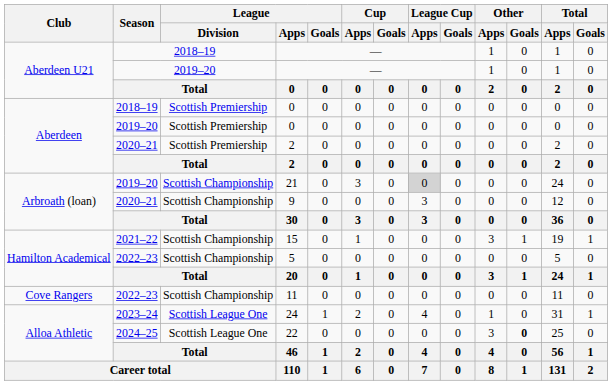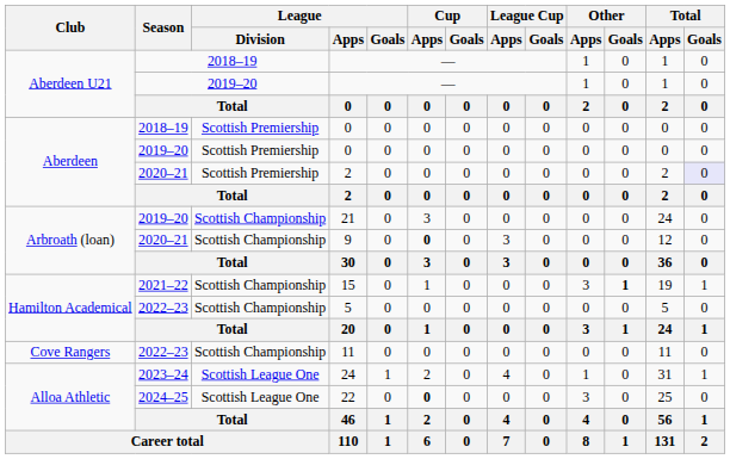 <table class="wikitable" style="text-align:center">
 <tr>
 <th rowspan="2">Club</th>
 <th rowspan="2">Season</th>
 <th colspan="3">League</th>
 <th colspan="2">Cup</th>
 <th colspan="2">League Cup</th>
 <th colspan="2">Other</th>
 <th colspan="2">Total</th>
 </tr>
 <tr>
 <th>Division</th>
 <th>Apps</th>
 <th>Goals</th>
 <th>Apps</th>
 <th>Goals</th>
 <th>Apps</th>
 <th>Goals</th>
 <th>Apps</th>
 <th>Goals</th>
 <th>Apps</th>
 <th>Goals</th>
 </tr>
 <tr>
 <td rowspan="3"><a href='#'>Aberdeen U21</a></td>
 <td colspan=2><a href='#'>2018–19</a></td>
 <td colspan=6>—</td>
 <td>1</td>
 <td>0</td>
 <td>1</td>
 <td>0</td>
 </tr>
 <tr>
 <td colspan=2><a href='#'>2019–20</a></td>
 <td colspan=6>—</td>
 <td>1</td>
 <td>0</td>
 <td>1</td>
 <td>0</td>
 </tr>
 <tr>
 <th colspan=2>Total</th>
 <th>0</th>
 <th>0</th>
 <th>0</th>
 <th>0</th>
 <th>0</th>
 <th>0</th>
 <th>2</th>
 <th>0</th>
 <th>2</th>
 <th>0</th>
 </tr>
 <tr>
 <td rowspan=4><a href='#'>Aberdeen</a></td>
 <td><a href='#'>2018–19</a></td>
 <td><a href='#'>Scottish Premiership</a></td>
 <td>0</td>
 <td>0</td>
 <td>0</td>
 <td>0</td>
 <td>0</td>
 <td>0</td>
 <td>0</td>
 <td>0</td>
 <td>0</td>
 <td>0</td>
 </tr>
 <tr>
 <td><a href='#'>2019–20</a></td>
 <td>Scottish Premiership</td>
 <td>0</td>
 <td>0</td>
 <td>0</td>
 <td>0</td>
 <td>0</td>
 <td>0</td>
 <td>0</td>
 <td>0</td>
 <td>0</td>
 <td>0</td>
 </tr>
 <tr>
 <td><a href='#'>2020–21</a></td>
 <td>Scottish Premiership</td>
 <td>2</td>
 <td>0</td>
 <td>0</td>
 <td>0</td>
 <td>0</td>
 <td>0</td>
 <td>0</td>
 <td>0</td>
 <td>2</td>
-<td>0</td>
+<td style="background: lavender;">0</td>
 </tr>
 <tr>
 <th colspan=2>Total</th>
 <th>2</th>
 <th>0</th>
 <th>0</th>
 <th>0</th>
 <th>0</th>
 <th>0</th>
 <th>0</th>
 <th>0</th>
 <th>2</th>
 <th>0</th>
 </tr>
 <tr>
 <td rowspan="3"><a href='#'>Arbroath</a> (loan)</td>
 <td><a href='#'>2019–20</a></td>
 <td><a href='#'>Scottish Championship</a></td>
 <td>21</td>
 <td>0</td>
 <td>3</td>
 <td>0</td>
-<td style="background: lightgrey;">0</td>
+<td>0</td>
 <td>0</td>
 <td>0</td>
 <td>0</td>
 <td>24</td>
 <td>0</td>
 </tr>
 <tr>
 <td><a href='#'>2020–21</a></td>
 <td>Scottish Championship</td>
 <td>9</td>
 <td>0</td>
-<td>0</td>
+<td><strong>0</strong></td>
 <td>0</td>
 <td>3</td>
 <td>0</td>
 <td>0</td>
 <td>0</td>
 <td>12</td>
 <td>0</td>
 </tr>
 <tr>
 <th colspan=2>Total</th>
 <th>30</th>
 <th>0</th>
 <th>3</th>
 <th>0</th>
 <th>3</th>
 <th>0</th>
 <th>0</th>
 <th>0</th>
 <th>36</th>
 <th>0</th>
 </tr>
 <tr>
 <td rowspan="3"><a href='#'>Hamilton Academical</a></td>
 <td><a href='#'>2021–22</a></td>
 <td>Scottish Championship</td>
 <td>15</td>
 <td>0</td>
 <td>1</td>
 <td>0</td>
 <td>0</td>
 <td>0</td>
 <td>3</td>
-<td>1</td>
+<td><strong>1</strong></td>
 <td>19</td>
 <td>1</td>
 </tr>
 <tr>
 <td><a href='#'>2022–23</a></td>
 <td>Scottish Championship</td>
 <td>5</td>
 <td>0</td>
 <td>0</td>
 <td>0</td>
 <td>0</td>
 <td>0</td>
 <td>0</td>
 <td>0</td>
 <td>5</td>
 <td>0</td>
 </tr>
 <tr>
 <th colspan=2>Total</th>
 <th>20</th>
 <th>0</th>
 <th>1</th>
 <th>0</th>
 <th>0</th>
 <th>0</th>
 <th>3</th>
 <th>1</th>
 <th>24</th>
 <th>1</th>
 </tr>
 <tr>
 <td rowspan="1"><a href='#'>Cove Rangers</a></td>
 <td><a href='#'>2022–23</a></td>
 <td>Scottish Championship</td>
 <td>11</td>
 <td>0</td>
 <td>0</td>
 <td>0</td>
 <td>0</td>
 <td>0</td>
 <td>0</td>
 <td>0</td>
 <td>11</td>
 <td>0</td>
 </tr>
 <tr>
 <td rowspan=3><a href='#'>Alloa Athletic</a></td>
 <td><a href='#'>2023–24</a></td>
 <td><a href='#'>Scottish League One</a></td>
 <td>24</td>
 <td>1</td>
 <td>2</td>
 <td>0</td>
 <td>4</td>
 <td>0</td>
 <td>1</td>
 <td>0</td>
 <td>31</td>
 <td>1</td>
 </tr>
 <tr>
 <td><a href='#'>2024–25</a></td>
 <td>Scottish League One</td>
 <td>22</td>
 <td>0</td>
-<td>0</td>
+<td><strong>0</strong></td>
 <td>0</td>
 <td>0</td>
 <td>0</td>
 <td>3</td>
-<td><strong>0</strong></td>
+<td>0</td>
 <td>25</td>
 <td>0</td>
 </tr>
 <tr>
 <th colspan=2>Total</th>
 <th>46</th>
 <th>1</th>
 <th>2</th>
 <th>0</th>
 <th>4</th>
 <th>0</th>
 <th>4</th>
 <th>0</th>
 <th>56</th>
 <th>1</th>
 </tr>
 <tr>
 <th colspan="3">Career total</th>
 <th>110</th>
 <th>1</th>
 <th>6</th>
 <th>0</th>
 <th>7</th>
 <th>0</th>
 <th>8</th>
 <th>1</th>
 <th>131</th>
 <th>2</th>
 </tr>
 </table>
